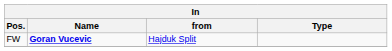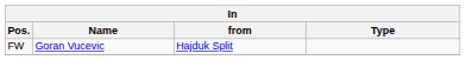 <table class="wikitable" style="font-size:90%;width:99%;">
 <tr>
 <th colspan="4">In</th>
 </tr>
 <tr>
 <th width=3%>Pos.</th>
 <th width=32%>Name</th>
 <th width=30%>from</th>
 <th width=35%>Type</th>
 </tr>
 <tr>
 <td>FW</td>
-<td><strong><a href='#'>Goran Vucevic</a></strong></td>
+<td><a href='#'>Goran Vucevic</a></td>
 <td><a href='#'>Hajduk Split</a></td>
 <td></td>
 </tr>
 <tr>
 </tr>
 </table>
